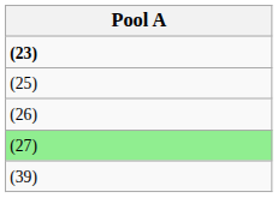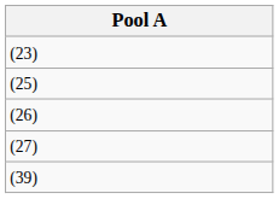 <table class="wikitable">
 <tr>
 <th width=210>Pool A</th>
 </tr>
 <tr>
-<td><strong> <small>(23)</small></strong></td>
+<td> <small>(23)</small></td>
 </tr>
 <tr>
 <td> <small>(25)</small></td>
 </tr>
 <tr>
 <td> <small>(26)</small></td>
 </tr>
 <tr>
-<td style="background: lightgreen;"> <small>(27)</small></td>
+<td> <small>(27)</small></td>
 </tr>
 <tr>
 <td> <small>(39)</small></td>
 </tr>
 </table>
